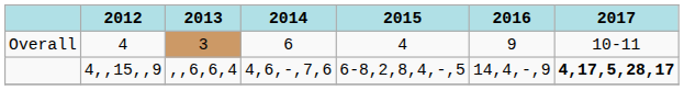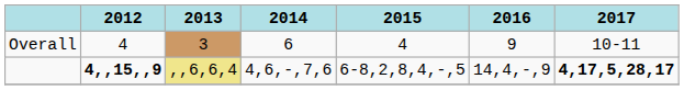 <table class="wikitable" style="text-align: center">
 <tr>
 <th style="background: #b0e0e6;" scope=col></th>
 <th style="background: #b0e0e6" scope=col>2012</th>
 <th style="background: #b0e0e6" scope=col>2013</th>
 <th style="background: #b0e0e6" scope=col>2014</th>
 <th style="background: #b0e0e6" scope=col>2015</th>
 <th style="background: #b0e0e6" scope=col>2016</th>
 <th style="background: #b0e0e6" scope=col>2017</th>
 </tr>
 <tr>
 <td align="left">Overall</td>
 <td>4</td>
 <td style="background: #cc9966;">3</td>
 <td>6</td>
 <td>4</td>
 <td>9</td>
 <td>10-11</td>
 </tr>
 <tr>
 <td align="left"></td>
-<td>4,,15,,9</td>
-<td>,,6,6,4</td>
+<td><strong>4,,15,,9</strong></td>
+<td style="background: khaki;">,,6,6,4</td>
 <td>4,6,-,7,6</td>
 <td>6-8,2,8,4,-,5</td>
 <td>14,4,-,9</td>
 <td><strong>4,17,5,28,17</strong></td>
 </tr>
 <tr>
 </tr>
 </table>
